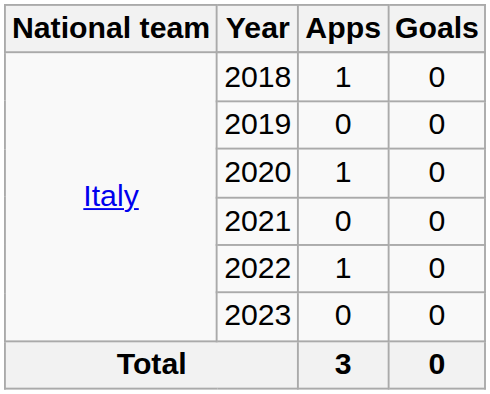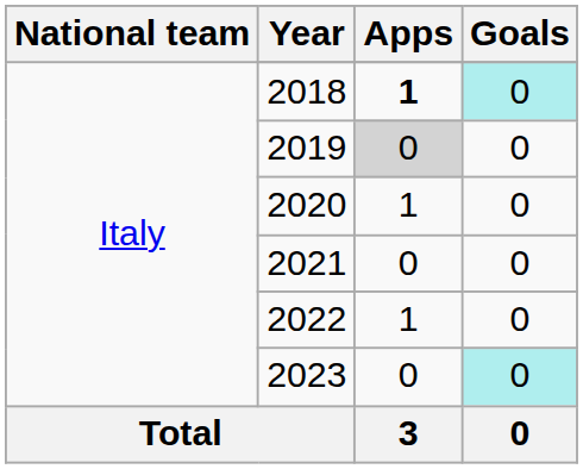 <table class="wikitable" style="text-align:center">
 <tr>
 <th>National team</th>
 <th>Year</th>
 <th>Apps</th>
 <th>Goals</th>
 </tr>
 <tr>
 <td rowspan=7><a href='#'>Italy</a></td>
 </tr>
 <tr>
 <td>2018</td>
-<td>1</td>
-<td>0</td>
+<td><strong>1</strong></td>
+<td style="background: paleturquoise;">0</td>
 </tr>
 <tr>
 <td>2019</td>
-<td>0</td>
+<td style="background: lightgrey;">0</td>
 <td>0</td>
 </tr>
 <tr>
 <td>2020</td>
 <td>1</td>
 <td>0</td>
 </tr>
 <tr>
 <td>2021</td>
 <td>0</td>
 <td>0</td>
 </tr>
 <tr>
 <td>2022</td>
 <td>1</td>
 <td>0</td>
 </tr>
 <tr>
 <td>2023</td>
 <td>0</td>
-<td>0</td>
+<td style="background: paleturquoise;">0</td>
 </tr>
 <tr>
 <th colspan=2>Total</th>
 <th>3</th>
 <th>0</th>
 </tr>
 </table>
